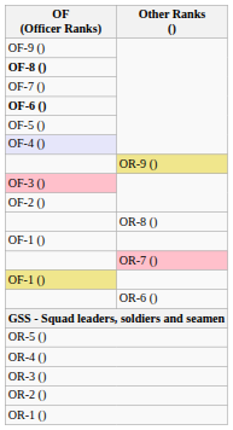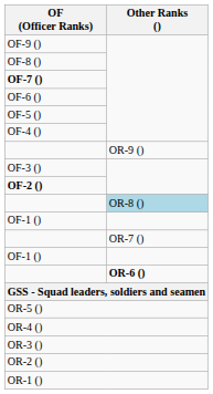 <table class="wikitable">
 <tr>
 <th width=50%>OF<br>(Officer Ranks)</th>
 <th width=50%>Other Ranks<br>()</th>
 </tr>
 <tr>
 <td>OF-9 ()</td>
 <td rowspan=6></td>
 </tr>
 <tr>
-<td><strong>OF-8 ()</strong></td>
+<td>OF-8 ()</td>
 </tr>
 <tr>
-<td>OF-7 ()</td>
+<td><strong>OF-7 ()</strong></td>
 </tr>
 <tr>
-<td><strong>OF-6 ()</strong></td>
+<td>OF-6 ()</td>
 </tr>
 <tr>
 <td>OF-5 ()</td>
 </tr>
 <tr>
-<td style="background: lavender;">OF-4 ()</td>
+<td>OF-4 ()</td>
 </tr>
 <tr>
 <td> </td>
-<td style="background: khaki;">OR-9 ()</td>
+<td>OR-9 ()</td>
 </tr>
 <tr>
-<td style="background: pink;">OF-3 ()</td>
+<td>OF-3 ()</td>
 <td rowspan=2> </td>
 </tr>
 <tr>
-<td>OF-2 ()</td>
+<td><strong>OF-2 ()</strong></td>
 </tr>
 <tr>
 <td> </td>
-<td>OR-8 ()</td>
+<td style="background: lightblue;">OR-8 ()</td>
 </tr>
 <tr>
 <td>OF-1 ()</td>
 </tr>
 <tr>
 <td> </td>
-<td style="background: pink;">OR-7 ()</td>
+<td>OR-7 ()</td>
 </tr>
 <tr>
-<td style="background: khaki;">OF-1 ()</td>
+<td>OF-1 ()</td>
 <td> </td>
 </tr>
 <tr>
 <td> </td>
-<td>OR-6 ()</td>
+<td><strong>OR-6 ()</strong></td>
 </tr>
 <tr>
 <th colspan=2>GSS - Squad leaders, soldiers and seamen</th>
 </tr>
 <tr>
 <td colspan=2>OR-5 ()</td>
 </tr>
 <tr>
 <td colspan=2>OR-4 ()</td>
 </tr>
 <tr>
 <td colspan=2>OR-3 ()</td>
 </tr>
 <tr>
 <td colspan=2>OR-2 ()</td>
 </tr>
 <tr>
 <td colspan=2>OR-1 ()</td>
 </tr>
 </table>
